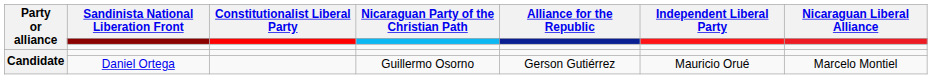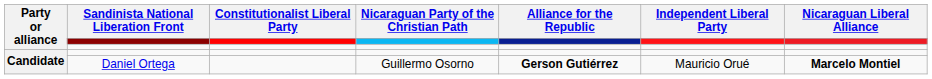 <table class=wikitable style=text-align:center>
 <tr>
 <th rowspan="3"><strong>Party<br>or alliance</strong></th>
 <th width="200px"><a href='#'>Sandinista National Liberation Front</a></th>
 <th width="200px"><a href='#'>Constitutionalist Liberal Party</a></th>
 <th width="200px"><a href='#'>Nicaraguan Party of the Christian Path</a></th>
 <th width="200px"><a href='#'>Alliance for the Republic</a></th>
 <th width="200px"><a href='#'>Independent Liberal Party</a></th>
 <th width="200px"><a href='#'>Nicaraguan Liberal Alliance</a></th>
 </tr>
 <tr>
 <th style="background:#8B0000"></th>
 <th style="background:#ff0000"></th>
 <th style="background:#0CB7F2"></th>
 <th style="background:#091F92"></th>
 <th style="background:#ff1418"></th>
 <th style="background:#ed1b24"></th>
 </tr>
 <tr>
 <td></td>
 <td></td>
 <td></td>
 <td></td>
 <td></td>
 <td></td>
 </tr>
 <tr>
 <th rowspan="2">Candidate</th>
 <td></td>
 <td></td>
 <td></td>
 <td></td>
 <td></td>
 <td></td>
 </tr>
 <tr>
 <td><a href='#'>Daniel Ortega</a></td>
 <td></td>
 <td>Guillermo Osorno</td>
-<td>Gerson Gutiérrez</td>
+<td><strong>Gerson Gutiérrez</strong></td>
 <td>Mauricio Orué</td>
-<td>Marcelo Montiel</td>
+<td><strong>Marcelo Montiel</strong></td>
 </tr>
 </table>
